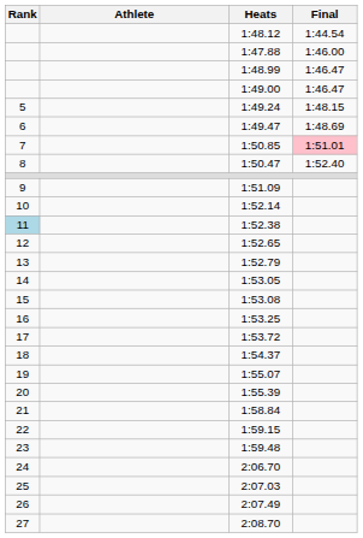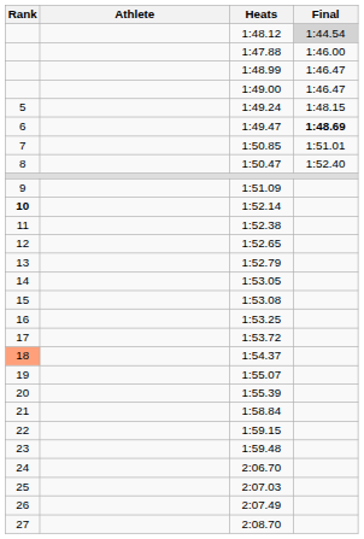 <table class=wikitable style="text-align:center">
 <tr>
 <th width=40>Rank</th>
 <th width=250>Athlete</th>
 <th width=80>Heats</th>
 <th width=80>Final</th>
 </tr>
 <tr>
 <td></td>
 <td align=left></td>
 <td>1:48.12</td>
-<td>1:44.54</td>
+<td style="background: lightgrey;">1:44.54</td>
 </tr>
 <tr>
 <td></td>
 <td align=left></td>
 <td>1:47.88</td>
 <td>1:46.00</td>
 </tr>
 <tr>
 <td></td>
 <td align=left></td>
 <td>1:48.99</td>
 <td>1:46.47</td>
 </tr>
 <tr>
 <td></td>
 <td align=left></td>
 <td>1:49.00</td>
 <td>1:46.47</td>
 </tr>
 <tr>
 <td>5</td>
 <td align=left></td>
 <td>1:49.24</td>
 <td>1:48.15</td>
 </tr>
 <tr>
 <td>6</td>
 <td align=left></td>
 <td>1:49.47</td>
-<td>1:48.69</td>
+<td><strong>1:48.69</strong></td>
 </tr>
 <tr>
 <td>7</td>
 <td align=left></td>
 <td>1:50.85</td>
-<td style="background: pink;">1:51.01</td>
+<td>1:51.01</td>
 </tr>
 <tr>
 <td>8</td>
 <td align=left></td>
 <td>1:50.47</td>
 <td>1:52.40</td>
 </tr>
 <tr bgcolor=#DDDDDD>
 <td colspan=4></td>
 </tr>
 <tr>
 <td>9</td>
 <td align=left></td>
 <td>1:51.09</td>
 <td></td>
 </tr>
 <tr>
-<td>10</td>
+<td><strong>10</strong></td>
 <td align=left></td>
 <td>1:52.14</td>
 <td></td>
 </tr>
 <tr>
-<td style="background: lightblue;">11</td>
+<td>11</td>
 <td align=left></td>
 <td>1:52.38</td>
 <td></td>
 </tr>
 <tr>
 <td>12</td>
 <td align=left></td>
 <td>1:52.65</td>
 <td></td>
 </tr>
 <tr>
 <td>13</td>
 <td align=left></td>
 <td>1:52.79</td>
 <td></td>
 </tr>
 <tr>
 <td>14</td>
 <td align=left></td>
 <td>1:53.05</td>
 <td></td>
 </tr>
 <tr>
 <td>15</td>
 <td align=left></td>
 <td>1:53.08</td>
 <td></td>
 </tr>
 <tr>
 <td>16</td>
 <td align=left></td>
 <td>1:53.25</td>
 <td></td>
 </tr>
 <tr>
 <td>17</td>
 <td align=left></td>
 <td>1:53.72</td>
 <td></td>
 </tr>
 <tr>
-<td>18</td>
+<td style="background: lightsalmon;">18</td>
 <td align=left></td>
 <td>1:54.37</td>
 <td></td>
 </tr>
 <tr>
 <td>19</td>
 <td align=left></td>
 <td>1:55.07</td>
 <td></td>
 </tr>
 <tr>
 <td>20</td>
 <td align=left></td>
 <td>1:55.39</td>
 <td></td>
 </tr>
 <tr>
 <td>21</td>
 <td align=left></td>
 <td>1:58.84</td>
 <td></td>
 </tr>
 <tr>
 <td>22</td>
 <td align=left></td>
 <td>1:59.15</td>
 <td></td>
 </tr>
 <tr>
 <td>23</td>
 <td align=left></td>
 <td>1:59.48</td>
 <td></td>
 </tr>
 <tr>
 <td>24</td>
 <td align=left></td>
 <td>2:06.70</td>
 <td></td>
 </tr>
 <tr>
 <td>25</td>
 <td align=left></td>
 <td>2:07.03</td>
 <td></td>
 </tr>
 <tr>
 <td>26</td>
 <td align=left></td>
 <td>2:07.49</td>
 <td></td>
 </tr>
 <tr>
 <td>27</td>
 <td align=left></td>
 <td>2:08.70</td>
 <td></td>
 </tr>
 </table>
